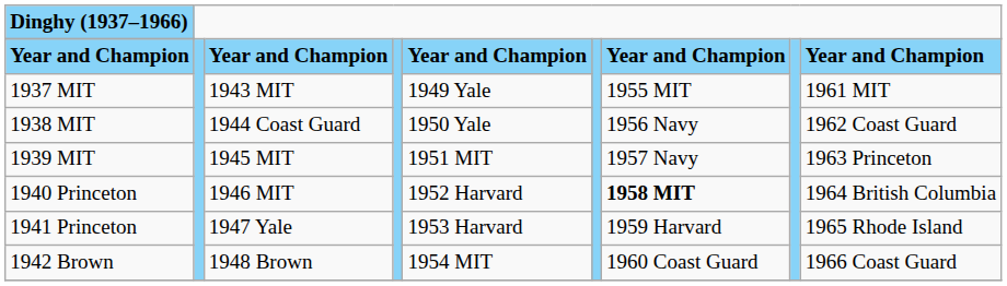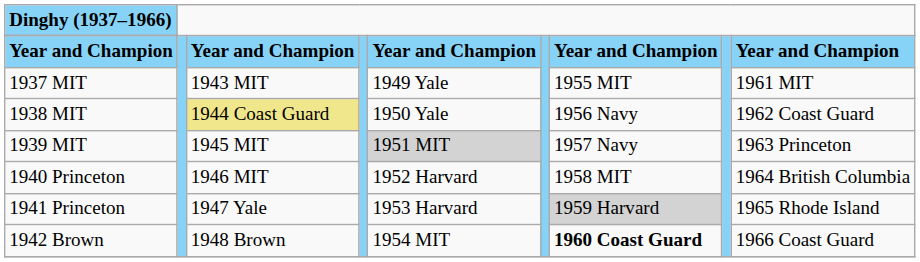 <table class="wikitable" style="font-size:85%;">
 <tr ! style="background-color: #87D3F8;">
 <td><strong>Dinghy (1937–1966)</strong></td>
 </tr>
 <tr --->
 </tr>
 <tr ! style="background-color: #87D3F8;">
 <td><strong>Year and Champion</strong></td>
 <td rowspan=7></td>
 <td><strong>Year and Champion</strong></td>
 <td rowspan=7></td>
 <td><strong>Year and Champion</strong></td>
 <td rowspan=7></td>
 <td><strong>Year and Champion</strong></td>
 <td rowspan=7></td>
 <td><strong>Year and Champion</strong></td>
 </tr>
 <tr --->
 <td>1937 MIT</td>
 <td>1943 MIT</td>
 <td>1949 Yale</td>
 <td>1955 MIT</td>
 <td>1961 MIT</td>
 </tr>
 <tr --->
 <td>1938 MIT</td>
-<td>1944 Coast Guard</td>
+<td style="background: khaki;">1944 Coast Guard</td>
 <td>1950 Yale</td>
 <td>1956 Navy</td>
 <td>1962 Coast Guard</td>
 </tr>
 <tr --->
 <td>1939 MIT</td>
 <td>1945 MIT</td>
-<td>1951 MIT</td>
+<td style="background: lightgrey;">1951 MIT</td>
 <td>1957 Navy</td>
 <td>1963 Princeton</td>
 </tr>
 <tr --->
 <td>1940 Princeton</td>
 <td>1946 MIT</td>
 <td>1952 Harvard</td>
-<td><strong>1958 MIT</strong></td>
+<td>1958 MIT</td>
 <td>1964 British Columbia</td>
 </tr>
 <tr --->
 <td>1941 Princeton</td>
 <td>1947 Yale</td>
 <td>1953 Harvard</td>
-<td>1959 Harvard</td>
+<td style="background: lightgrey;">1959 Harvard</td>
 <td>1965 Rhode Island</td>
 </tr>
 <tr --->
 <td>1942 Brown</td>
 <td>1948 Brown</td>
 <td>1954 MIT</td>
-<td>1960 Coast Guard</td>
+<td><strong>1960 Coast Guard</strong></td>
 <td>1966 Coast Guard</td>
 </tr>
 <tr --->
 </tr>
 </table>
